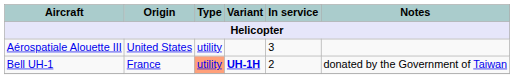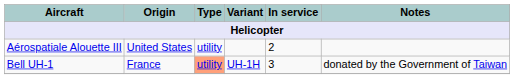 <table class="wikitable">
 <tr>
 <th style="text-align:center; background:#acc;">Aircraft</th>
 <th style="text-align: center; background:#acc;">Origin</th>
 <th style="text-align:l center; background:#acc;">Type</th>
 <th style="text-align:left; background:#acc;">Variant</th>
 <th style="text-align:center; background:#acc;">In service</th>
 <th style="text-align: center; background:#acc;">Notes</th>
 </tr>
 <tr>
 <th style="align: center; background: lavender;" colspan="7">Helicopter</th>
 </tr>
 <tr>
 <td><a href='#'>Aérospatiale Alouette III</a></td>
 <td><a href='#'>United States</a></td>
 <td><a href='#'>utility</a></td>
 <td></td>
-<td>3</td>
+<td>2</td>
 <td></td>
 </tr>
 <tr>
 <td><a href='#'>Bell UH-1</a></td>
 <td><a href='#'>France</a></td>
 <td style="background: lightsalmon;"><a href='#'>utility</a></td>
-<td><strong><a href='#'>UH-1H</a></strong></td>
-<td>2</td>
+<td><a href='#'>UH-1H</a></td>
+<td>3</td>
 <td>donated by the Government of <a href='#'>Taiwan</a></td>
 </tr>
 <tr>
 </tr>
 </table>
